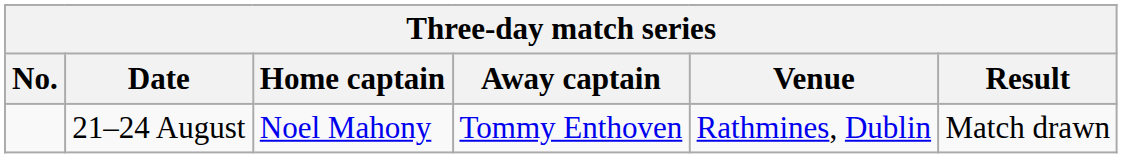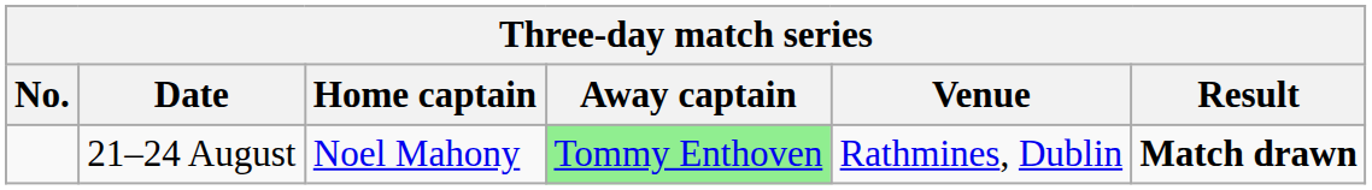 <table class="wikitable">
 <tr>
 <th colspan="9">Three-day match series</th>
 </tr>
 <tr>
 <th>No.</th>
 <th>Date</th>
 <th>Home captain</th>
 <th>Away captain</th>
 <th>Venue</th>
 <th>Result</th>
 </tr>
 <tr>
 <td></td>
 <td>21–24 August</td>
 <td><a href='#'>Noel Mahony</a></td>
-<td><a href='#'>Tommy Enthoven</a></td>
+<td style="background: lightgreen;"><a href='#'>Tommy Enthoven</a></td>
 <td><a href='#'>Rathmines</a>, <a href='#'>Dublin</a></td>
-<td>Match drawn</td>
+<td><strong>Match drawn</strong></td>
 </tr>
 </table>
